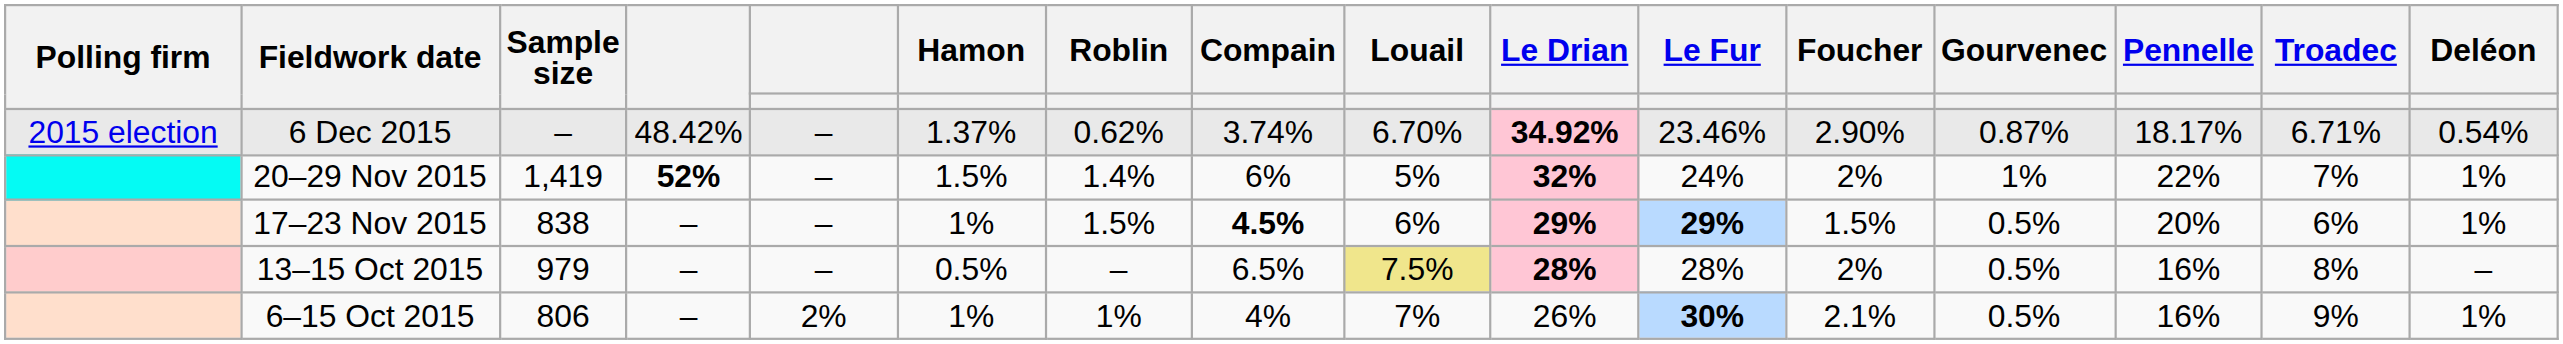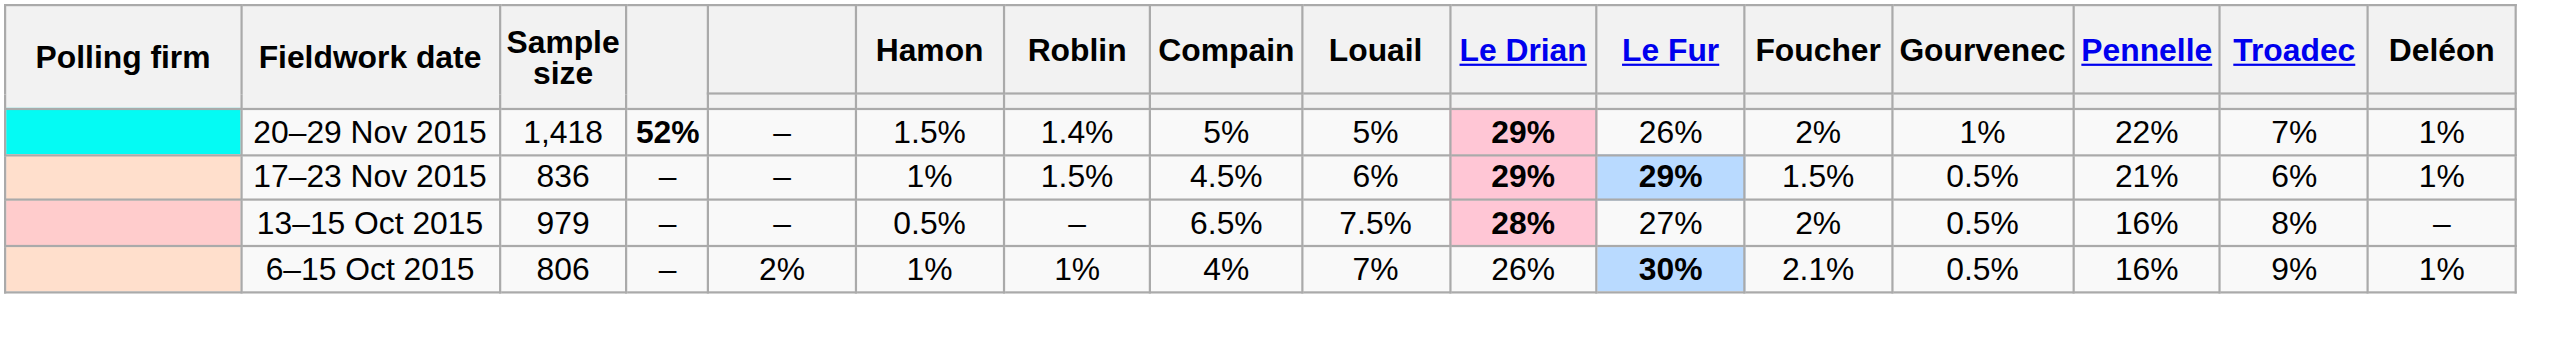 <table class="wikitable sortable" style="text-align:center;font-size:90%;line-height:14px;">
 <tr style="height:40px;">
 <th style="width:100px;" rowspan="2">Polling firm</th>
 <th style="width:110px;" rowspan="2">Fieldwork date</th>
 <th style="width:35px;" rowspan="2">Sample<br>size</th>
 <th style="width:30px;" rowspan="2"></th>
 <th class="unsortable" style="width:60px;"></th>
 <th class="unsortable" style="width:60px;">Hamon<br></th>
 <th class="unsortable" style="width:60px;">Roblin<br></th>
 <th class="unsortable" style="width:60px;">Compain<br></th>
 <th class="unsortable" style="width:60px;">Louail<br></th>
 <th class="unsortable" style="width:60px;"><a href='#'>Le Drian</a><br></th>
 <th class="unsortable" style="width:60px;"><a href='#'>Le Fur</a><br></th>
 <th class="unsortable" style="width:60px;">Foucher<br></th>
 <th class="unsortable" style="width:60px;">Gourvenec<br></th>
 <th class="unsortable" style="width:60px;"><a href='#'>Pennelle</a><br></th>
 <th class="unsortable" style="width:60px;"><a href='#'>Troadec</a><br></th>
 <th class="unsortable" style="width:60px;">Deléon<br></th>
 </tr>
 <tr>
 <th style="background:"></th>
 <th style="background:"></th>
 <th style="background:"></th>
 <th style="background:"></th>
 <th style="background:"></th>
 <th style="background:"></th>
 <th style="background:"></th>
 <th style="background:"></th>
 <th style="background:"></th>
 <th style="background:"></th>
 <th style="background:"></th>
 <th style="background:"></th>
 </tr>
-<tr style="background:#E9E9E9;">
-<td><a href='#'>2015 election</a></td>
-<td data-sort-value="2015-12-06">6 Dec 2015</td>
-<td>–</td>
-<td>48.42%</td>
-<td>–</td>
-<td>1.37%</td>
-<td>0.62%</td>
-<td>3.74%</td>
-<td>6.70%</td>
-<td style="background:#FFC6D5;"><strong>34.92%</strong></td>
-<td>23.46%</td>
-<td>2.90%</td>
-<td>0.87%</td>
-<td>18.17%</td>
-<td>6.71%</td>
-<td>0.54%</td>
-</tr>
 <tr>
 <td style="background:#04FBF4;"></td>
 <td data-sort-value="2015-11-29">20–29 Nov 2015</td>
-<td>1,419</td>
+<td>1,418</td>
 <td><strong>52%</strong></td>
 <td>–</td>
 <td>1.5%</td>
 <td>1.4%</td>
-<td>6%</td>
 <td>5%</td>
-<td style="background:#FFC6D5;"><strong>32%</strong></td>
-<td>24%</td>
+<td>5%</td>
+<td style="background:#FFC6D5;"><strong>29%</strong></td>
+<td>26%</td>
 <td>2%</td>
 <td>1%</td>
 <td>22%</td>
 <td>7%</td>
 <td>1%</td>
 </tr>
 <tr>
 <td style="background:#FFDFCC;"></td>
 <td data-sort-value="2015-11-23">17–23 Nov 2015</td>
-<td>838</td>
+<td>836</td>
 <td>–</td>
 <td>–</td>
 <td>1%</td>
 <td>1.5%</td>
-<td><strong>4.5%</strong></td>
+<td>4.5%</td>
 <td>6%</td>
 <td style="background:#FFC6D5;"><strong>29%</strong></td>
 <td style="background:#B9DAFF;"><strong>29%</strong></td>
 <td>1.5%</td>
 <td>0.5%</td>
-<td>20%</td>
+<td>21%</td>
 <td>6%</td>
 <td>1%</td>
 </tr>
 <tr>
 <td style="background:#FFCCCC;"></td>
 <td data-sort-value="2015-10-15">13–15 Oct 2015</td>
 <td>979</td>
 <td>–</td>
 <td>–</td>
 <td>0.5%</td>
 <td>–</td>
 <td>6.5%</td>
-<td style="background: khaki;">7.5%</td>
+<td>7.5%</td>
 <td style="background:#FFC6D5;"><strong>28%</strong></td>
-<td>28%</td>
+<td>27%</td>
 <td>2%</td>
 <td>0.5%</td>
 <td>16%</td>
 <td>8%</td>
 <td>–</td>
 </tr>
 <tr>
 <td style="background:#FFDFCC;"></td>
 <td data-sort-value="2015-10-15">6–15 Oct 2015</td>
 <td>806</td>
 <td>–</td>
 <td>2%</td>
 <td>1%</td>
 <td>1%</td>
 <td>4%</td>
 <td>7%</td>
 <td>26%</td>
 <td style="background:#B9DAFF;"><strong>30%</strong></td>
 <td>2.1%</td>
 <td>0.5%</td>
 <td>16%</td>
 <td>9%</td>
 <td>1%</td>
 </tr>
 </table>
